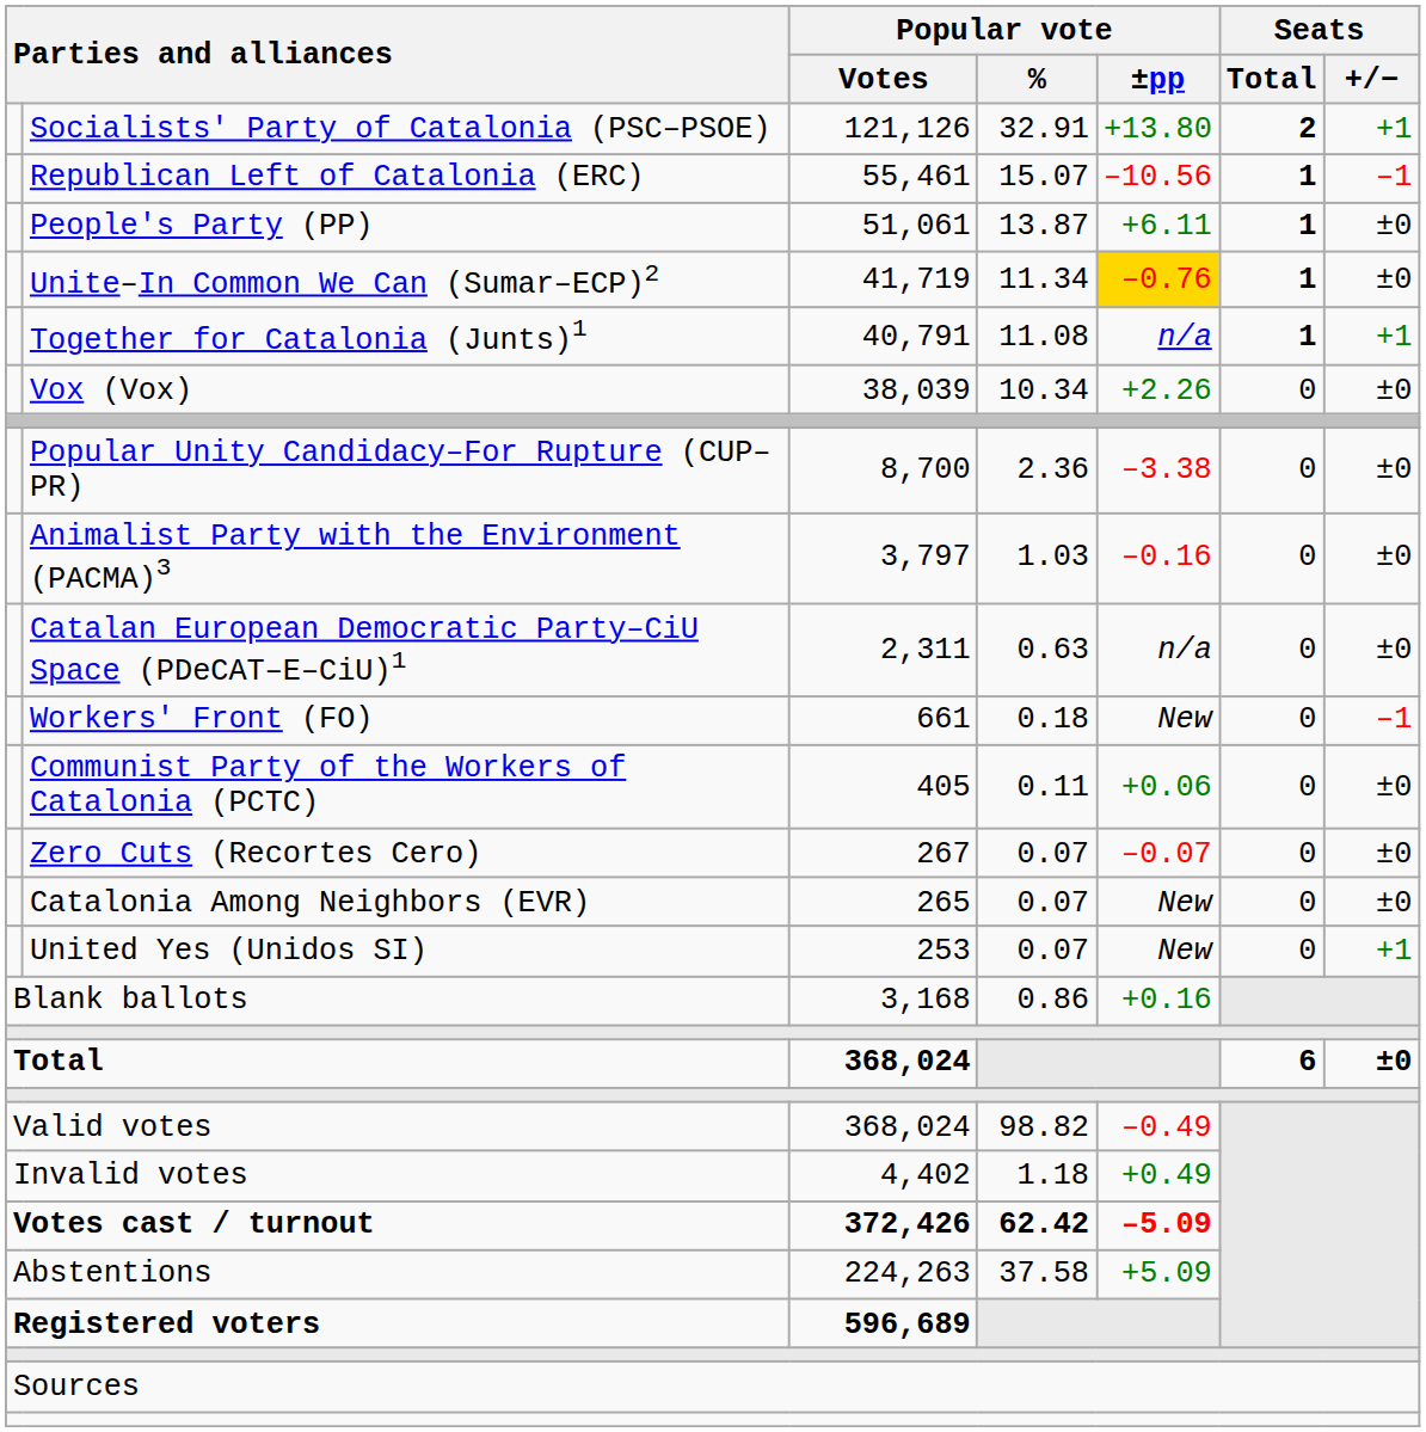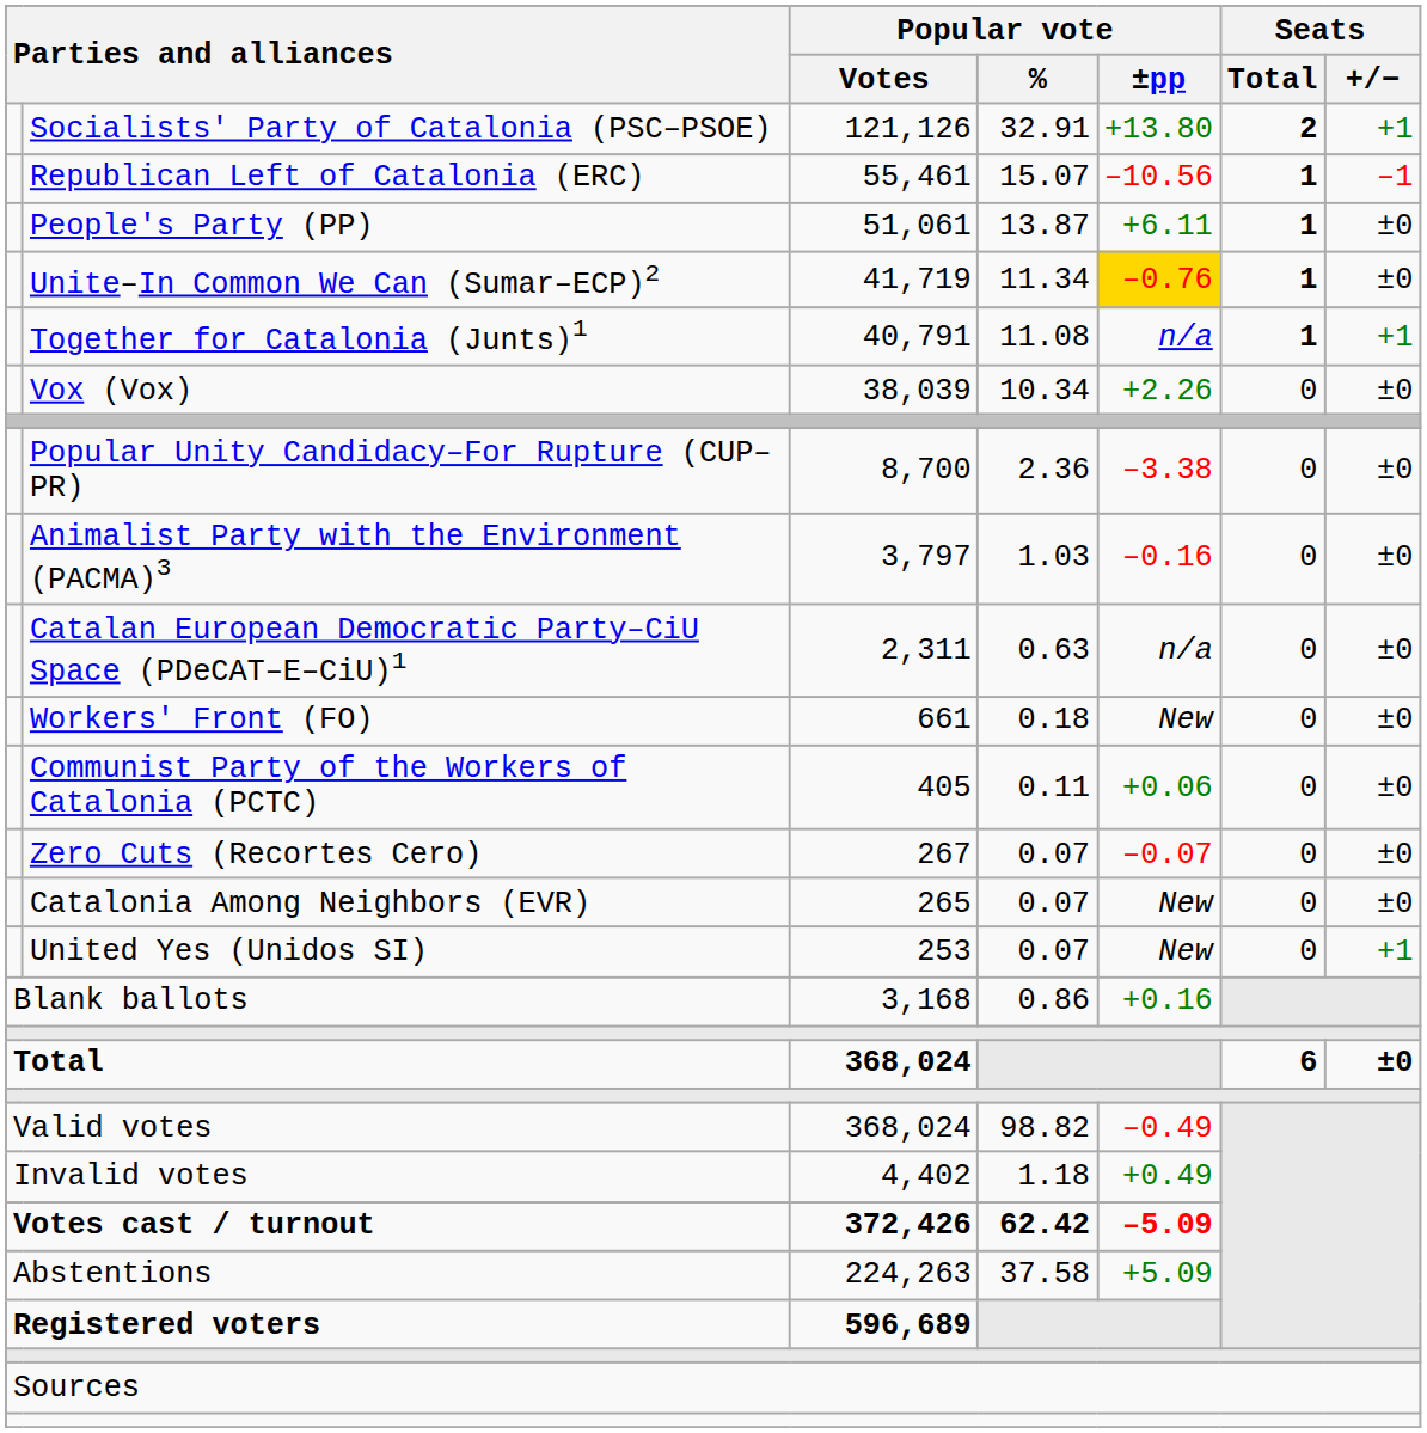 <table class="wikitable" style="text-align:right;">
 <tr>
 <th style="text-align:left;" rowspan="2" colspan="2" width="525">Parties and alliances</th>
 <th colspan="3">Popular vote</th>
 <th colspan="2">Seats</th>
 </tr>
 <tr>
 <th width="75">Votes</th>
 <th width="45">%</th>
 <th width="45">±<a href='#'>pp</a></th>
 <th width="35">Total</th>
 <th width="35">+/−</th>
 </tr>
 <tr>
 <td width="1" style="color:inherit;background:"></td>
 <td align="left"><a href='#'>Socialists' Party of Catalonia</a> (PSC–PSOE)</td>
 <td>121,126</td>
 <td>32.91</td>
 <td style="color:green;">+13.80</td>
 <td><strong>2</strong></td>
 <td style="color:green;">+1</td>
 </tr>
 <tr>
 <td style="color:inherit;background:"></td>
 <td align="left"><a href='#'>Republican Left of Catalonia</a> (ERC)</td>
 <td>55,461</td>
 <td>15.07</td>
 <td style="color:red;">–10.56</td>
 <td><strong>1</strong></td>
 <td style="color:red;">–1</td>
 </tr>
 <tr>
 <td style="color:inherit;background:"></td>
 <td align="left"><a href='#'>People's Party</a> (PP)</td>
 <td>51,061</td>
 <td>13.87</td>
 <td style="color:green;">+6.11</td>
 <td><strong>1</strong></td>
 <td>±0</td>
 </tr>
 <tr>
 <td style="color:inherit;background:"></td>
 <td align="left"><a href='#'>Unite</a>–<a href='#'>In Common We Can</a> (Sumar–ECP)<sup>2</sup></td>
 <td>41,719</td>
 <td>11.34</td>
 <td style="background: gold; color:red;">–0.76</td>
 <td><strong>1</strong></td>
 <td>±0</td>
 </tr>
 <tr>
 <td style="color:inherit;background:"></td>
 <td align="left"><a href='#'>Together for Catalonia</a> (Junts)<sup>1</sup></td>
 <td>40,791</td>
 <td>11.08</td>
 <td><em><a href='#'>n/a</a></em></td>
 <td><strong>1</strong></td>
 <td style="color:green;">+1</td>
 </tr>
 <tr>
 <td style="color:inherit;background:"></td>
 <td align="left"><a href='#'>Vox</a> (Vox)</td>
 <td>38,039</td>
 <td>10.34</td>
 <td style="color:green;">+2.26</td>
 <td>0</td>
 <td>±0</td>
 </tr>
 <tr>
 <td colspan="7" bgcolor="#C0C0C0"></td>
 </tr>
 <tr>
 <td style="color:inherit;background:"></td>
 <td align="left"><a href='#'>Popular Unity Candidacy–For Rupture</a> (CUP–PR)</td>
 <td>8,700</td>
 <td>2.36</td>
 <td style="color:red;">–3.38</td>
 <td>0</td>
 <td>±0</td>
 </tr>
 <tr>
 <td style="color:inherit;background:"></td>
 <td align="left"><a href='#'>Animalist Party with the Environment</a> (PACMA)<sup>3</sup></td>
 <td>3,797</td>
 <td>1.03</td>
 <td style="color:red;">–0.16</td>
 <td>0</td>
 <td>±0</td>
 </tr>
 <tr>
 <td style="color:inherit;background:"></td>
 <td align="left"><a href='#'>Catalan European Democratic Party–CiU Space</a> (PDeCAT–E–CiU)<sup>1</sup></td>
 <td>2,311</td>
 <td>0.63</td>
 <td><em>n/a</em></td>
 <td>0</td>
 <td>±0</td>
 </tr>
 <tr>
 <td style="color:inherit;background:"></td>
 <td align="left"><a href='#'>Workers' Front</a> (FO)</td>
 <td>661</td>
 <td>0.18</td>
 <td><em>New</em></td>
 <td>0</td>
-<td style="color:red;">–1</td>
+<td>±0</td>
 </tr>
 <tr>
 <td style="color:inherit;background:"></td>
 <td align="left"><a href='#'>Communist Party of the Workers of Catalonia</a> (PCTC)</td>
 <td>405</td>
 <td>0.11</td>
 <td style="color:green;">+0.06</td>
 <td>0</td>
 <td>±0</td>
 </tr>
 <tr>
 <td style="color:inherit;background:"></td>
 <td align="left"><a href='#'>Zero Cuts</a> (Recortes Cero)</td>
 <td>267</td>
 <td>0.07</td>
 <td style="color:red;">–0.07</td>
 <td>0</td>
 <td>±0</td>
 </tr>
 <tr>
 <td style="color:inherit;background:"></td>
 <td align="left">Catalonia Among Neighbors (EVR)</td>
 <td>265</td>
 <td>0.07</td>
 <td><em>New</em></td>
 <td>0</td>
 <td>±0</td>
 </tr>
 <tr>
 <td style="color:inherit;background:"></td>
 <td align="left">United Yes (Unidos SI)</td>
 <td>253</td>
 <td>0.07</td>
 <td><em>New</em></td>
 <td>0</td>
 <td style="color:green;">+1</td>
 </tr>
 <tr>
 <td align="left" colspan="2">Blank ballots</td>
 <td>3,168</td>
 <td>0.86</td>
 <td style="color:green;">+0.16</td>
 <td bgcolor="#E9E9E9" colspan="2"></td>
 </tr>
 <tr>
 <td colspan="7" bgcolor="#E9E9E9"></td>
 </tr>
 <tr style="font-weight:bold;">
 <td align="left" colspan="2">Total</td>
 <td>368,024</td>
 <td bgcolor="#E9E9E9" colspan="2"></td>
 <td>6</td>
 <td>±0</td>
 </tr>
 <tr>
 <td colspan="7" bgcolor="#E9E9E9"></td>
 </tr>
 <tr>
 <td align="left" colspan="2">Valid votes</td>
 <td>368,024</td>
 <td>98.82</td>
 <td style="color:red;">–0.49</td>
 <td bgcolor="#E9E9E9" colspan="2" rowspan="5"></td>
 </tr>
 <tr>
 <td align="left" colspan="2">Invalid votes</td>
 <td>4,402</td>
 <td>1.18</td>
 <td style="color:green;">+0.49</td>
 </tr>
 <tr style="font-weight:bold;">
 <td align="left" colspan="2">Votes cast / turnout</td>
 <td>372,426</td>
 <td>62.42</td>
 <td style="color:red;">–5.09</td>
 </tr>
 <tr>
 <td align="left" colspan="2">Abstentions</td>
 <td>224,263</td>
 <td>37.58</td>
 <td style="color:green;">+5.09</td>
 </tr>
 <tr style="font-weight:bold;">
 <td align="left" colspan="2">Registered voters</td>
 <td>596,689</td>
 <td bgcolor="#E9E9E9" colspan="2"></td>
 </tr>
 <tr>
 <td colspan="7" bgcolor="#E9E9E9"></td>
 </tr>
 <tr>
 <td align="left" colspan="7">Sources</td>
 </tr>
 <tr>
 <td colspan="7" style="text-align:left; max-width:790px;"></td>
 </tr>
 </table>
